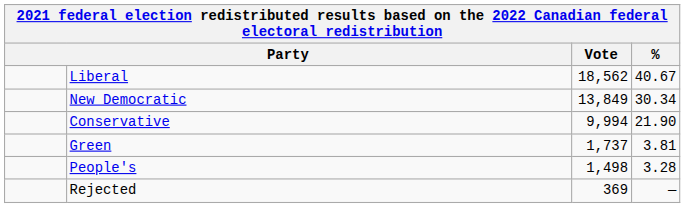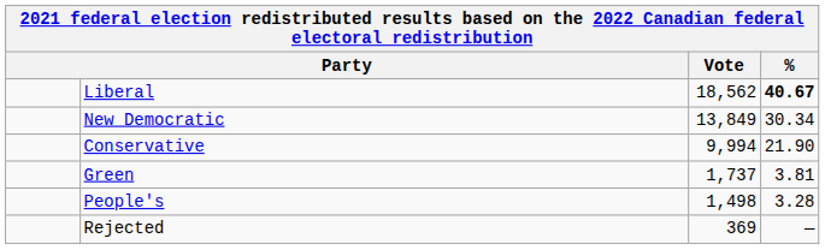 <table class="wikitable" width="50%">
 <tr>
 <th colspan="4"><a href='#'>2021 federal election</a> redistributed results based on the <a href='#'>2022 Canadian federal electoral redistribution</a></th>
 </tr>
 <tr>
 <th bgcolor="#DDDDFF" width="130px" colspan="2">Party</th>
 <th bgcolor="#DDDDFF" width="50px">Vote</th>
 <th bgcolor="#DDDDFF" width="30px">%</th>
 </tr>
 <tr>
 <td> </td>
 <td><a href='#'>Liberal</a></td>
 <td align=right>18,562</td>
-<td align=right>40.67</td>
+<td align=right><strong>40.67</strong></td>
 </tr>
 <tr>
 <td> </td>
 <td><a href='#'>New Democratic</a></td>
 <td align=right>13,849</td>
 <td align=right>30.34</td>
 </tr>
 <tr>
 <td> </td>
 <td><a href='#'>Conservative</a></td>
 <td align=right>9,994</td>
 <td align=right>21.90</td>
 </tr>
 <tr>
 <td> </td>
 <td><a href='#'>Green</a></td>
 <td align=right>1,737</td>
 <td align=right>3.81</td>
 </tr>
 <tr>
 <td> </td>
 <td><a href='#'>People's</a></td>
 <td align=right>1,498</td>
 <td align=right>3.28</td>
 </tr>
 <tr>
 <td> </td>
 <td>Rejected</td>
 <td align=right>369</td>
 <td align=right>—</td>
 </tr>
 </table>
